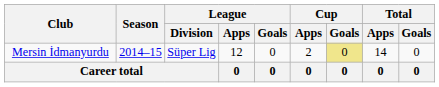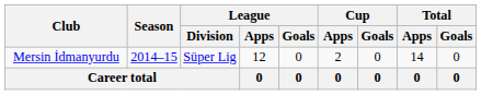 <table class="wikitable" style="text-align: center;">
 <tr>
 <th rowspan=2 width=140>Club</th>
 <th rowspan=2>Season</th>
 <th colspan=3>League</th>
 <th colspan=2>Cup</th>
 <th colspan=2>Total</th>
 </tr>
 <tr>
 <th>Division</th>
 <th width=40>Apps</th>
 <th width=40>Goals</th>
 <th width=40>Apps</th>
 <th width=40>Goals</th>
 <th width=40>Apps</th>
 <th width=40>Goals</th>
 </tr>
 <tr>
 <td><a href='#'>Mersin İdmanyurdu</a></td>
 <td><a href='#'>2014–15</a></td>
 <td><a href='#'>Süper Lig</a></td>
 <td>12</td>
 <td>0</td>
 <td>2</td>
-<td style="background: khaki;">0</td>
+<td>0</td>
 <td>14</td>
 <td>0</td>
 </tr>
 <tr>
 <th colspan=3>Career total</th>
 <th>0</th>
 <th>0</th>
 <th>0</th>
 <th>0</th>
 <th>0</th>
 <th>0</th>
 </tr>
 </table>
